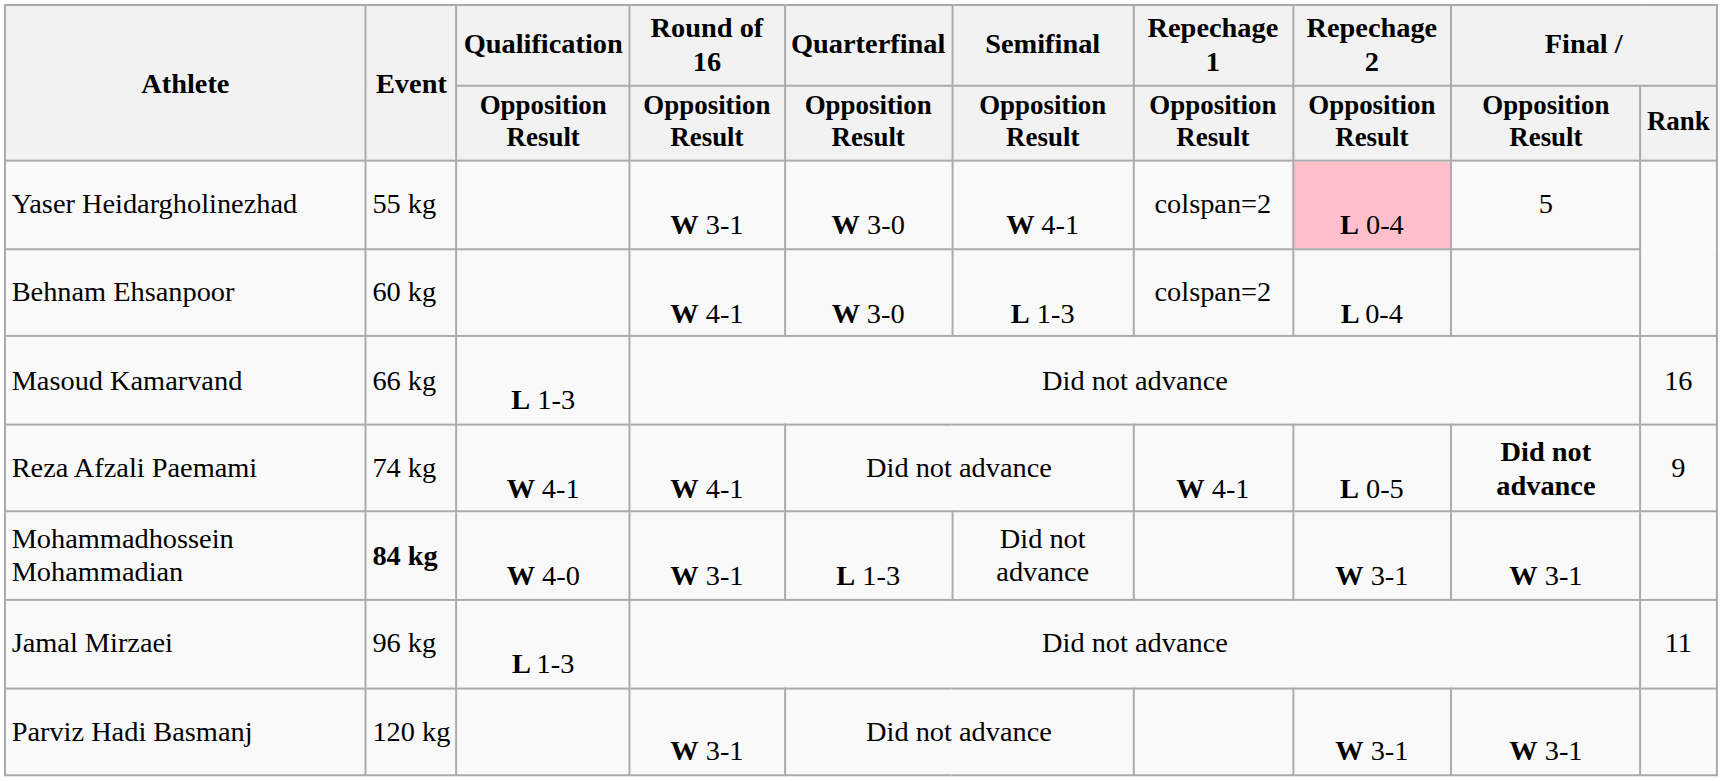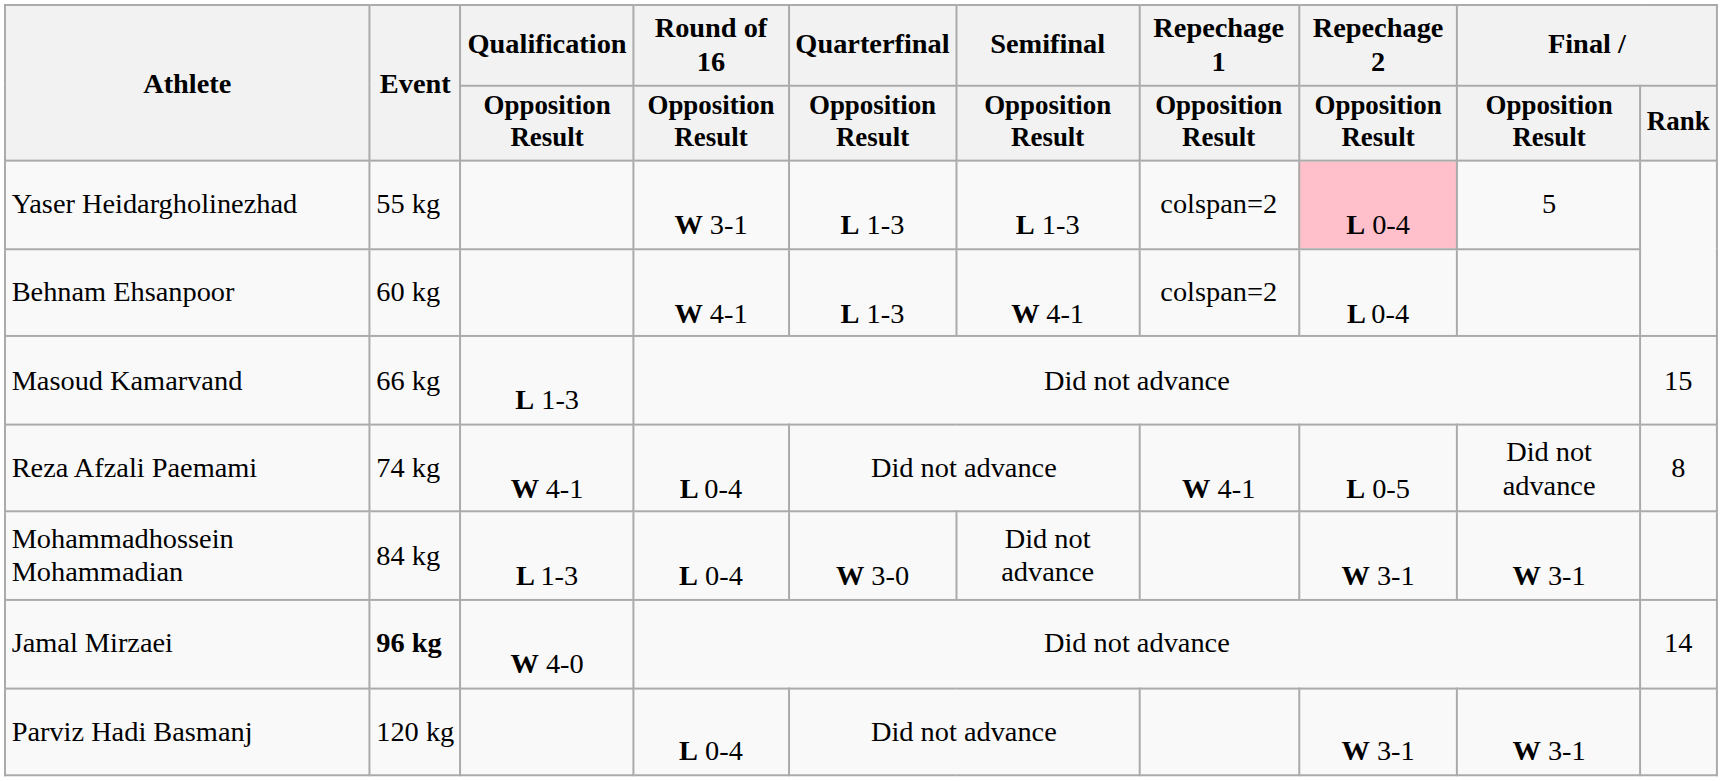 <table class="wikitable" style="font-size:90%;">
 <tr>
 <th rowspan=2>Athlete</th>
 <th rowspan=2>Event</th>
 <th>Qualification</th>
 <th>Round of 16</th>
 <th>Quarterfinal</th>
 <th>Semifinal</th>
 <th>Repechage 1</th>
 <th>Repechage 2</th>
 <th colspan=2>Final / </th>
 </tr>
 <tr style="font-size: 95%">
 <th>Opposition<br>Result</th>
 <th>Opposition<br>Result</th>
 <th>Opposition<br>Result</th>
 <th>Opposition<br>Result</th>
 <th>Opposition<br>Result</th>
 <th>Opposition<br>Result</th>
 <th>Opposition<br>Result</th>
 <th>Rank</th>
 </tr>
 <tr align=center>
 <td align=left>Yaser Heidargholinezhad</td>
 <td align=left>55 kg</td>
 <td></td>
 <td><br><strong>W</strong> 3-1 <sup></sup></td>
-<td><br><strong>W</strong> 3-0 <sup></sup></td>
-<td><br><strong>W </strong>4-1 <sup></sup></td>
+<td><br><strong>L</strong> 1-3 <sup></sup></td>
+<td><br><strong>L</strong> 1-3 <sup></sup></td>
 <td>colspan=2 </td>
 <td style="background: pink;"><br><strong>L</strong> 0-4 <sup></sup></td>
 <td>5</td>
 </tr>
 <tr style="text-align:center;">
 <td align=left>Behnam Ehsanpoor</td>
 <td align=left>60 kg</td>
 <td></td>
 <td><br><strong>W</strong> 4-1 <sup></sup></td>
-<td><br><strong>W </strong>3-0<strong> </strong><sup></sup></td>
 <td><br><strong>L</strong> 1-3 <sup></sup></td>
+<td><br><strong>W </strong>4-1 <sup></sup></td>
 <td>colspan=2 </td>
 <td><br><strong>L </strong>0-4 <sup></sup></td>
 <td></td>
 </tr>
 <tr align=center>
 <td align=left>Masoud Kamarvand</td>
 <td align=left>66 kg</td>
 <td><br><strong>L</strong> 1-3 <sup></sup></td>
 <td colspan=6>Did not advance</td>
-<td>16</td>
+<td>15</td>
 </tr>
 <tr align=center>
 <td align=left>Reza Afzali Paemami</td>
 <td align=left>74 kg</td>
 <td><br><strong>W </strong>4-1 <sup></sup></td>
-<td><br><strong>W</strong> 4-1 <sup></sup></td>
+<td><br><strong>L </strong>0-4 <sup></sup></td>
 <td colspan=2>Did not advance</td>
 <td><br><strong>W</strong> 4-1 <sup></sup></td>
 <td><br><strong>L</strong> 0-5 <sup></sup></td>
-<td><strong>Did not advance</strong></td>
-<td>9</td>
+<td>Did not advance</td>
+<td>8</td>
 </tr>
 <tr align=center>
 <td align=left>Mohammadhossein Mohammadian</td>
-<td align=left><strong>84 kg</strong></td>
-<td><br><strong>W</strong> 4-0 <sup></sup></td>
-<td><br><strong>W</strong> 3-1 <sup></sup></td>
-<td><br><strong>L</strong> 1-3 <sup></sup></td>
+<td align=left>84 kg</td>
+<td><br><strong>L </strong>1-3 <sup></sup></td>
+<td><br><strong>L</strong> 0-4 <sup></sup></td>
+<td><br><strong>W</strong> 3-0 <sup></sup></td>
 <td>Did not advance</td>
 <td></td>
 <td><br><strong>W</strong> 3-1 <sup></sup></td>
 <td><br><strong>W</strong> 3-1 <sup></sup></td>
 <td></td>
 </tr>
 <tr style="text-align:center;">
 <td align=left>Jamal Mirzaei</td>
-<td align=left>96 kg</td>
-<td><br><strong>L </strong>1-3 <sup></sup></td>
+<td align=left><strong>96 kg</strong></td>
+<td><br><strong>W</strong> 4-0 <sup></sup></td>
 <td colspan=6>Did not advance</td>
-<td>11</td>
+<td>14</td>
 </tr>
 <tr align=center>
 <td align=left>Parviz Hadi Basmanj</td>
 <td align=left>120 kg</td>
 <td></td>
-<td><br><strong>W</strong> 3-1 <sup></sup></td>
+<td><br><strong>L</strong> 0-4 <sup></sup></td>
 <td colspan=2>Did not advance</td>
 <td></td>
 <td><br><strong>W</strong> 3-1 <sup></sup></td>
 <td><br><strong>W</strong> 3-1 <sup></sup></td>
 <td></td>
 </tr>
 </table>
